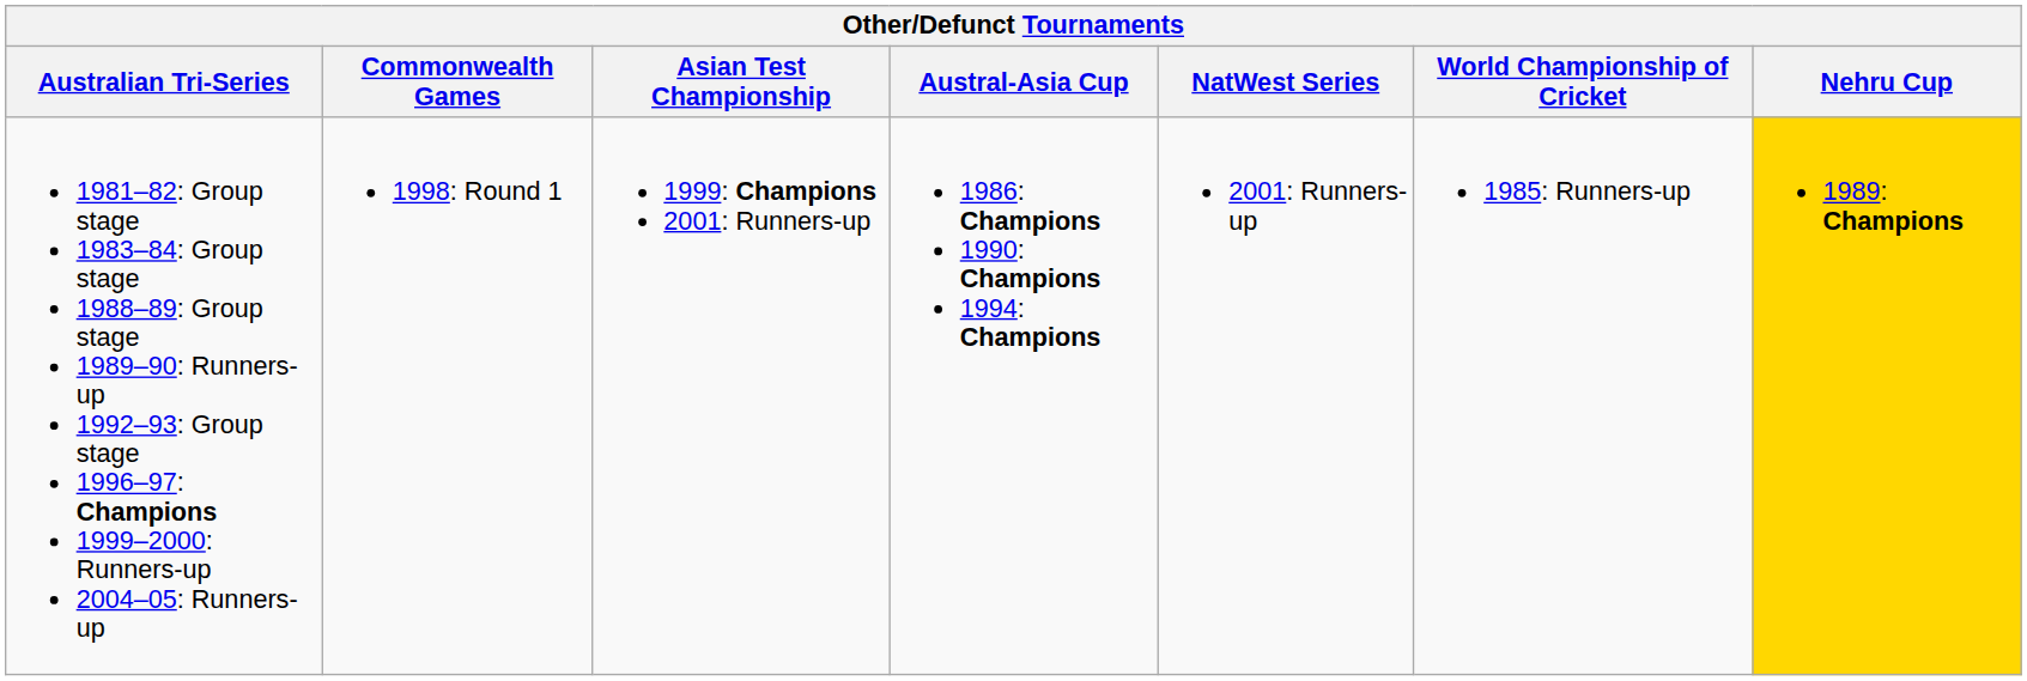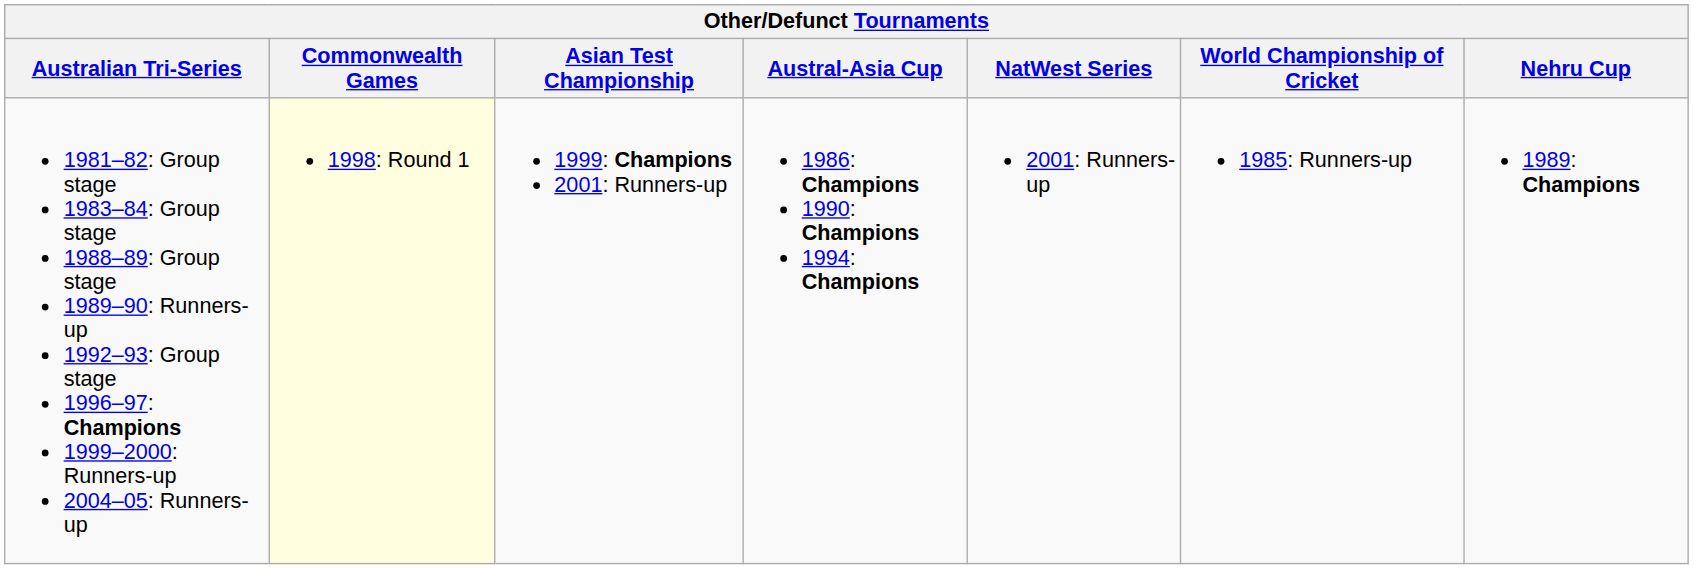 <table class="wikitable">
 <tr style="background:#ccc;">
 <th colspan=7>Other/Defunct <a href='#'>Tournaments</a></th>
 </tr>
 <tr style="background:#ccc;">
 <th><a href='#'>Australian Tri-Series</a></th>
 <th><a href='#'>Commonwealth Games</a></th>
 <th><a href='#'>Asian Test Championship</a></th>
 <th><a href='#'>Austral-Asia Cup</a></th>
 <th><a href='#'>NatWest Series</a></th>
 <th><a href='#'>World Championship of Cricket</a></th>
 <th><a href='#'>Nehru Cup</a></th>
 </tr>
 <tr>
 <td style="vertical-align:top;"><br><ul><li> <a href='#'>1981–82</a>: Group stage</li><li> <a href='#'>1983–84</a>: Group stage</li><li> <a href='#'>1988–89</a>: Group stage</li><li> <a href='#'>1989–90</a>: Runners-up</li><li> <a href='#'>1992–93</a>: Group stage</li><li> <a href='#'>1996–97</a>: <strong>Champions</strong></li><li> <a href='#'>1999–2000</a>: Runners-up</li><li> <a href='#'>2004–05</a>: Runners-up</li></ul></td>
-<td style="vertical-align:top;"><br><ul><li> <a href='#'>1998</a>: Round 1</li></ul></td>
+<td style="background: lightyellow; vertical-align:top;"><br><ul><li> <a href='#'>1998</a>: Round 1</li></ul></td>
 <td style="vertical-align:top;"><br><ul><li>   <a href='#'>1999</a>: <strong>Champions</strong></li><li>   <a href='#'>2001</a>: Runners-up</li></ul></td>
 <td style="vertical-align:top;"><br><ul><li> <a href='#'>1986</a>: <strong>Champions</strong></li><li> <a href='#'>1990</a>: <strong>Champions</strong></li><li> <a href='#'>1994</a>: <strong>Champions</strong></li></ul></td>
 <td style="vertical-align:top;"><br><ul><li> <a href='#'>2001</a>: Runners-up</li></ul></td>
 <td style="vertical-align:top;"><br><ul><li> <a href='#'>1985</a>: Runners-up</li></ul></td>
-<td style="background: gold; vertical-align:top;"><br><ul><li> <a href='#'>1989</a>: <strong>Champions</strong></li></ul></td>
+<td style="vertical-align:top;"><br><ul><li> <a href='#'>1989</a>: <strong>Champions</strong></li></ul></td>
 </tr>
 </table>
